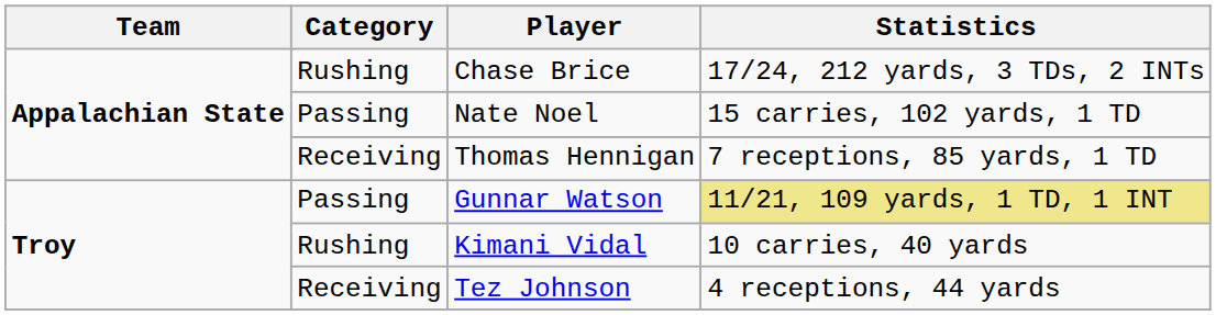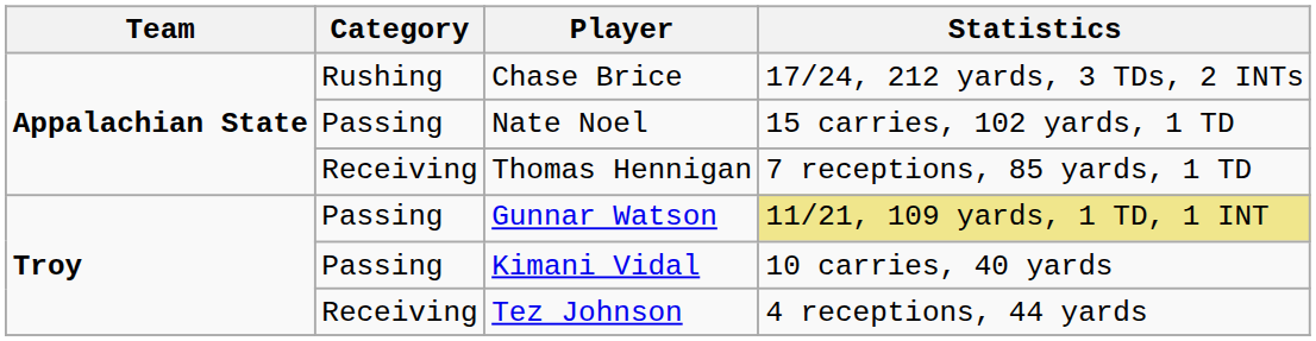 <table class="wikitable" style="float: left;">
 <tr>
 <th>Team</th>
 <th>Category</th>
 <th>Player</th>
 <th>Statistics</th>
 </tr>
 <tr>
 <td rowspan=3><strong>Appalachian State</strong></td>
 <td>Rushing</td>
 <td>Chase Brice</td>
 <td>17/24, 212 yards, 3 TDs, 2 INTs</td>
 </tr>
 <tr>
 <td>Passing</td>
 <td>Nate Noel</td>
 <td>15 carries, 102 yards, 1 TD</td>
 </tr>
 <tr>
 <td>Receiving</td>
 <td>Thomas Hennigan</td>
 <td>7 receptions, 85 yards, 1 TD</td>
 </tr>
 <tr>
 <td rowspan=3><strong>Troy</strong></td>
 <td>Passing</td>
 <td><a href='#'>Gunnar Watson</a></td>
 <td style="background: khaki;">11/21, 109 yards, 1 TD, 1 INT</td>
 </tr>
 <tr>
-<td>Rushing</td>
+<td>Passing</td>
 <td><a href='#'>Kimani Vidal</a></td>
 <td>10 carries, 40 yards</td>
 </tr>
 <tr>
 <td>Receiving</td>
 <td><a href='#'>Tez Johnson</a></td>
 <td>4 receptions, 44 yards</td>
 </tr>
 </table>
